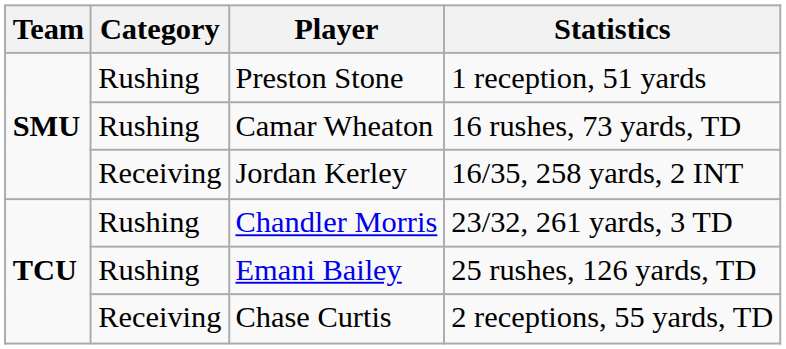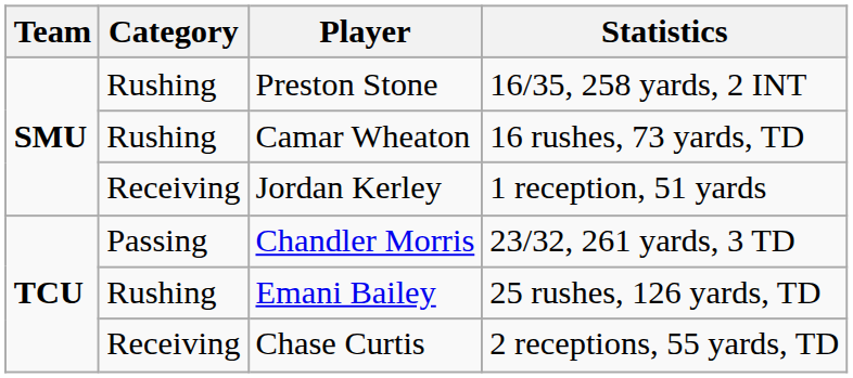 <table class="wikitable" style="float: right;">
 <tr>
 <th>Team</th>
 <th>Category</th>
 <th>Player</th>
 <th>Statistics</th>
 </tr>
 <tr>
 <td rowspan=3><strong>SMU</strong></td>
 <td>Rushing</td>
 <td>Preston Stone</td>
-<td>1 reception, 51 yards</td>
+<td>16/35, 258 yards, 2 INT</td>
 </tr>
 <tr>
 <td>Rushing</td>
 <td>Camar Wheaton</td>
 <td>16 rushes, 73 yards, TD</td>
 </tr>
 <tr>
 <td>Receiving</td>
 <td>Jordan Kerley</td>
-<td>16/35, 258 yards, 2 INT</td>
+<td>1 reception, 51 yards</td>
 </tr>
 <tr>
 <td rowspan=3><strong>TCU</strong></td>
-<td>Rushing</td>
+<td>Passing</td>
 <td><a href='#'>Chandler Morris</a></td>
 <td>23/32, 261 yards, 3 TD</td>
 </tr>
 <tr>
 <td>Rushing</td>
 <td><a href='#'>Emani Bailey</a></td>
 <td>25 rushes, 126 yards, TD</td>
 </tr>
 <tr>
 <td>Receiving</td>
 <td>Chase Curtis</td>
 <td>2 receptions, 55 yards, TD</td>
 </tr>
 </table>
